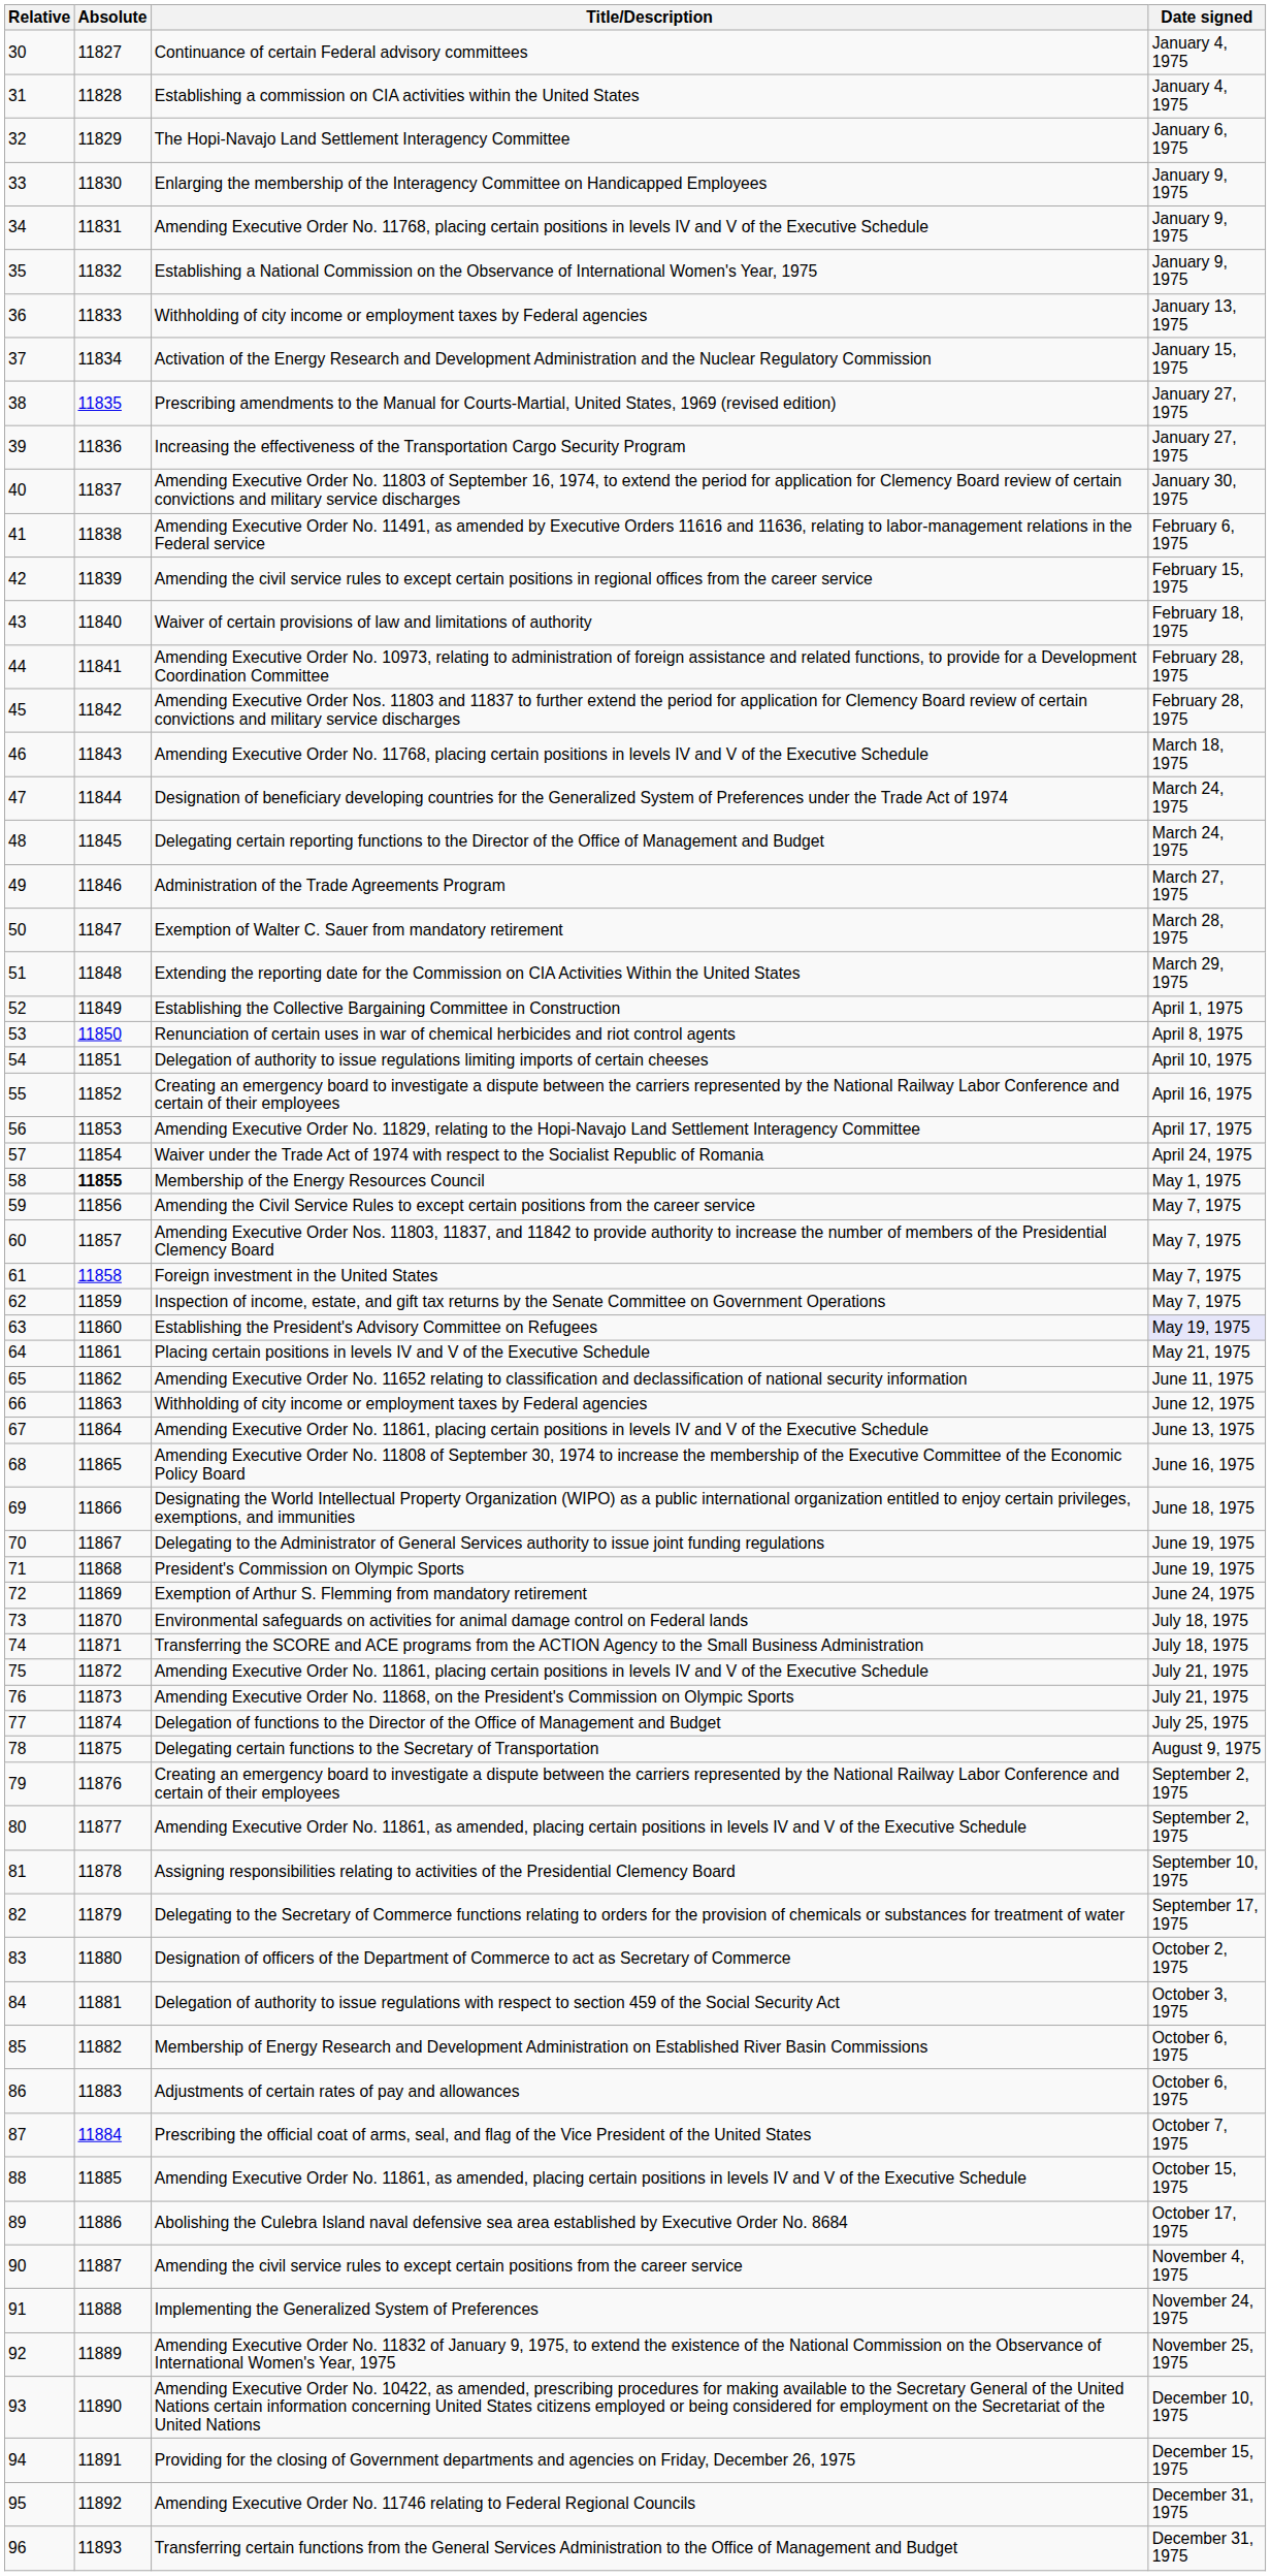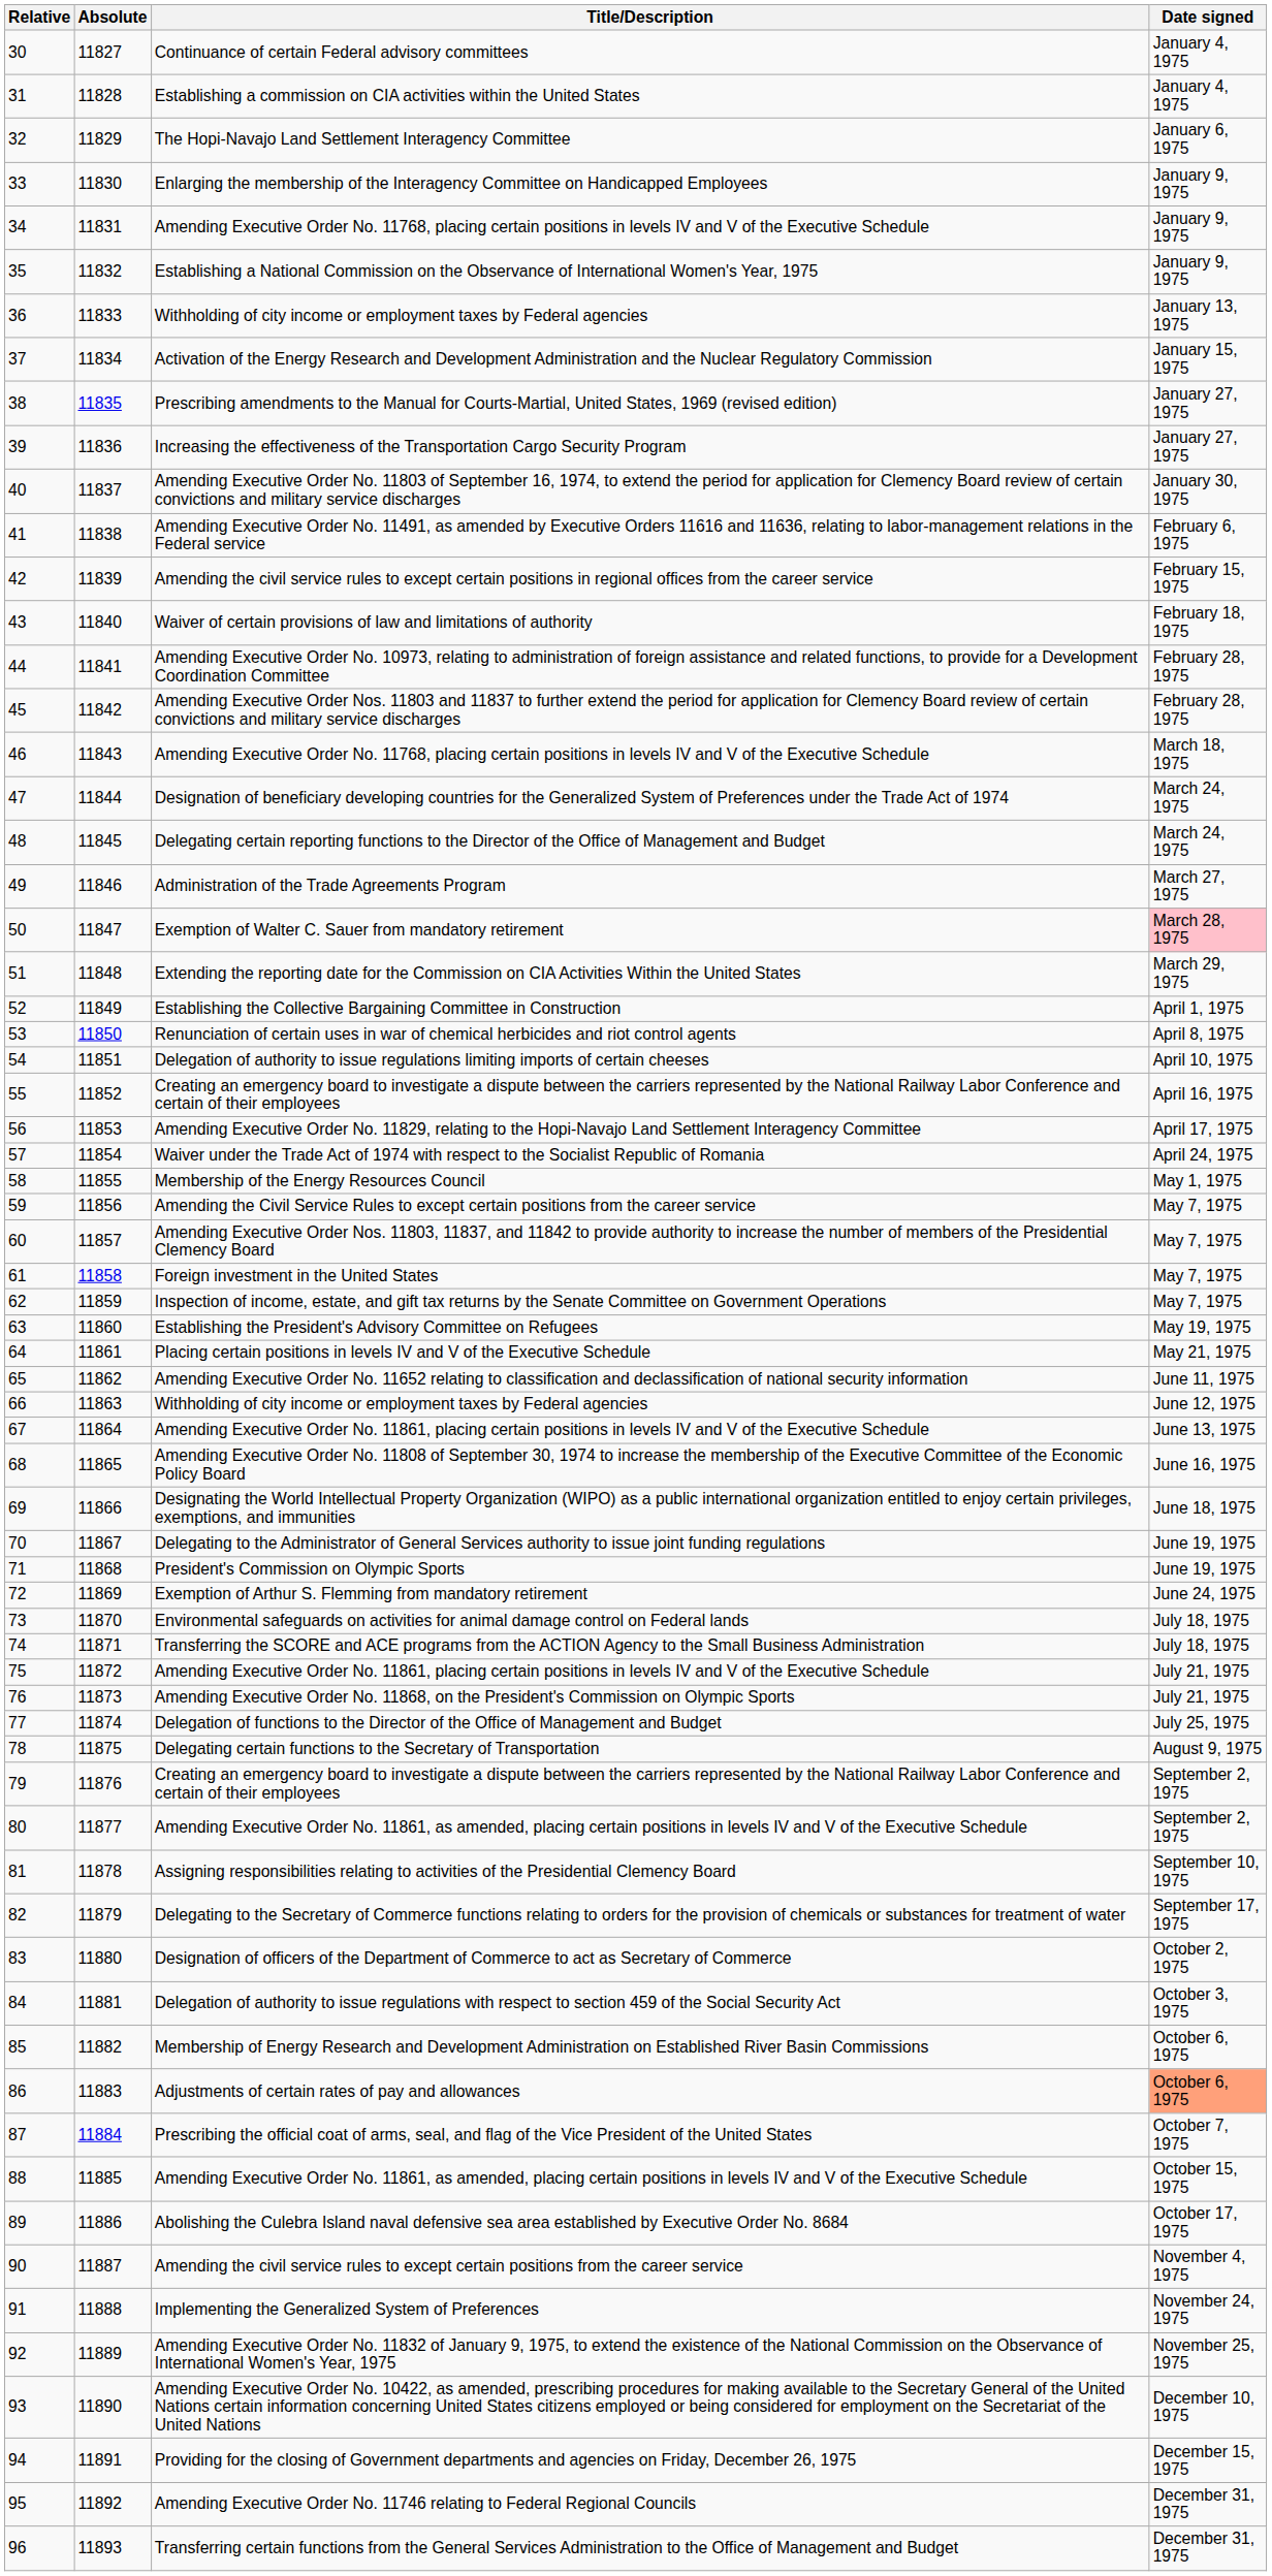 <table class="wikitable">
 <tr>
 <th>Relative </th>
 <th>Absolute </th>
 <th>Title/Description</th>
 <th>Date signed</th>
 </tr>
 <tr>
 <td>30</td>
 <td>11827</td>
 <td>Continuance of certain Federal advisory committees</td>
 <td>January 4, 1975</td>
 </tr>
 <tr>
 <td>31</td>
 <td>11828</td>
 <td>Establishing a commission on CIA activities within the United States</td>
 <td>January 4, 1975</td>
 </tr>
 <tr>
 <td>32</td>
 <td>11829</td>
 <td>The Hopi-Navajo Land Settlement Interagency Committee</td>
 <td>January 6, 1975</td>
 </tr>
 <tr>
 <td>33</td>
 <td>11830</td>
 <td>Enlarging the membership of the Interagency Committee on Handicapped Employees</td>
 <td>January 9, 1975</td>
 </tr>
 <tr>
 <td>34</td>
 <td>11831</td>
 <td>Amending Executive Order No. 11768, placing certain positions in levels IV and V of the Executive Schedule</td>
 <td>January 9, 1975</td>
 </tr>
 <tr>
 <td>35</td>
 <td>11832</td>
 <td>Establishing a National Commission on the Observance of International Women's Year, 1975</td>
 <td>January 9, 1975</td>
 </tr>
 <tr>
 <td>36</td>
 <td>11833</td>
 <td>Withholding of city income or employment taxes by Federal agencies</td>
 <td>January 13, 1975</td>
 </tr>
 <tr>
 <td>37</td>
 <td>11834</td>
 <td>Activation of the Energy Research and Development Administration and the Nuclear Regulatory Commission</td>
 <td>January 15, 1975</td>
 </tr>
 <tr>
 <td>38</td>
 <td><a href='#'>11835</a></td>
 <td>Prescribing amendments to the Manual for Courts-Martial, United States, 1969 (revised edition)</td>
 <td>January 27, 1975</td>
 </tr>
 <tr>
 <td>39</td>
 <td>11836</td>
 <td>Increasing the effectiveness of the Transportation Cargo Security Program</td>
 <td>January 27, 1975</td>
 </tr>
 <tr>
 <td>40</td>
 <td>11837</td>
 <td>Amending Executive Order No. 11803 of September 16, 1974, to extend the period for application for Clemency Board review of certain convictions and military service discharges</td>
 <td>January 30, 1975</td>
 </tr>
 <tr>
 <td>41</td>
 <td>11838</td>
 <td>Amending Executive Order No. 11491, as amended by Executive Orders 11616 and 11636, relating to labor-management relations in the Federal service</td>
 <td>February 6, 1975</td>
 </tr>
 <tr>
 <td>42</td>
 <td>11839</td>
 <td>Amending the civil service rules to except certain positions in regional offices from the career service</td>
 <td>February 15, 1975</td>
 </tr>
 <tr>
 <td>43</td>
 <td>11840</td>
 <td>Waiver of certain provisions of law and limitations of authority</td>
 <td>February 18, 1975</td>
 </tr>
 <tr>
 <td>44</td>
 <td>11841</td>
 <td>Amending Executive Order No. 10973, relating to administration of foreign assistance and related functions, to provide for a Development Coordination Committee</td>
 <td>February 28, 1975</td>
 </tr>
 <tr>
 <td>45</td>
 <td>11842</td>
 <td>Amending Executive Order Nos. 11803 and 11837 to further extend the period for application for Clemency Board review of certain convictions and military service discharges</td>
 <td>February 28, 1975</td>
 </tr>
 <tr>
 <td>46</td>
 <td>11843</td>
 <td>Amending Executive Order No. 11768, placing certain positions in levels IV and V of the Executive Schedule</td>
 <td>March 18, 1975</td>
 </tr>
 <tr>
 <td>47</td>
 <td>11844</td>
 <td>Designation of beneficiary developing countries for the Generalized System of Preferences under the Trade Act of 1974</td>
 <td>March 24, 1975</td>
 </tr>
 <tr>
 <td>48</td>
 <td>11845</td>
 <td>Delegating certain reporting functions to the Director of the Office of Management and Budget</td>
 <td>March 24, 1975</td>
 </tr>
 <tr>
 <td>49</td>
 <td>11846</td>
 <td>Administration of the Trade Agreements Program</td>
 <td>March 27, 1975</td>
 </tr>
 <tr>
 <td>50</td>
 <td>11847</td>
 <td>Exemption of Walter C. Sauer from mandatory retirement</td>
-<td>March 28, 1975</td>
+<td style="background: pink;">March 28, 1975</td>
 </tr>
 <tr>
 <td>51</td>
 <td>11848</td>
 <td>Extending the reporting date for the Commission on CIA Activities Within the United States</td>
 <td>March 29, 1975</td>
 </tr>
 <tr>
 <td>52</td>
 <td>11849</td>
 <td>Establishing the Collective Bargaining Committee in Construction</td>
 <td>April 1, 1975</td>
 </tr>
 <tr>
 <td>53</td>
 <td><a href='#'>11850</a></td>
 <td>Renunciation of certain uses in war of chemical herbicides and riot control agents</td>
 <td>April 8, 1975</td>
 </tr>
 <tr>
 <td>54</td>
 <td>11851</td>
 <td>Delegation of authority to issue regulations limiting imports of certain cheeses</td>
 <td>April 10, 1975</td>
 </tr>
 <tr>
 <td>55</td>
 <td>11852</td>
 <td>Creating an emergency board to investigate a dispute between the carriers represented by the National Railway Labor Conference and certain of their employees</td>
 <td>April 16, 1975</td>
 </tr>
 <tr>
 <td>56</td>
 <td>11853</td>
 <td>Amending Executive Order No. 11829, relating to the Hopi-Navajo Land Settlement Interagency Committee</td>
 <td>April 17, 1975</td>
 </tr>
 <tr>
 <td>57</td>
 <td>11854</td>
 <td>Waiver under the Trade Act of 1974 with respect to the Socialist Republic of Romania</td>
 <td>April 24, 1975</td>
 </tr>
 <tr>
 <td>58</td>
-<td><strong>11855</strong></td>
+<td>11855</td>
 <td>Membership of the Energy Resources Council</td>
 <td>May 1, 1975</td>
 </tr>
 <tr>
 <td>59</td>
 <td>11856</td>
 <td>Amending the Civil Service Rules to except certain positions from the career service</td>
 <td>May 7, 1975</td>
 </tr>
 <tr>
 <td>60</td>
 <td>11857</td>
 <td>Amending Executive Order Nos. 11803, 11837, and 11842 to provide authority to increase the number of members of the Presidential Clemency Board</td>
 <td>May 7, 1975</td>
 </tr>
 <tr>
 <td>61</td>
 <td><a href='#'>11858</a></td>
 <td>Foreign investment in the United States</td>
 <td>May 7, 1975</td>
 </tr>
 <tr>
 <td>62</td>
 <td>11859</td>
 <td>Inspection of income, estate, and gift tax returns by the Senate Committee on Government Operations</td>
 <td>May 7, 1975</td>
 </tr>
 <tr>
 <td>63</td>
 <td>11860</td>
 <td>Establishing the President's Advisory Committee on Refugees</td>
-<td style="background: lavender;">May 19, 1975</td>
+<td>May 19, 1975</td>
 </tr>
 <tr>
 <td>64</td>
 <td>11861</td>
 <td>Placing certain positions in levels IV and V of the Executive Schedule</td>
 <td>May 21, 1975</td>
 </tr>
 <tr>
 <td>65</td>
 <td>11862</td>
 <td>Amending Executive Order No. 11652 relating to classification and declassification of national security information</td>
 <td>June 11, 1975</td>
 </tr>
 <tr>
 <td>66</td>
 <td>11863</td>
 <td>Withholding of city income or employment taxes by Federal agencies</td>
 <td>June 12, 1975</td>
 </tr>
 <tr>
 <td>67</td>
 <td>11864</td>
 <td>Amending Executive Order No. 11861, placing certain positions in levels IV and V of the Executive Schedule</td>
 <td>June 13, 1975</td>
 </tr>
 <tr>
 <td>68</td>
 <td>11865</td>
 <td>Amending Executive Order No. 11808 of September 30, 1974 to increase the membership of the Executive Committee of the Economic Policy Board</td>
 <td>June 16, 1975</td>
 </tr>
 <tr>
 <td>69</td>
 <td>11866</td>
 <td>Designating the World Intellectual Property Organization (WIPO) as a public international organization entitled to enjoy certain privileges, exemptions, and immunities</td>
 <td>June 18, 1975</td>
 </tr>
 <tr>
 <td>70</td>
 <td>11867</td>
 <td>Delegating to the Administrator of General Services authority to issue joint funding regulations</td>
 <td>June 19, 1975</td>
 </tr>
 <tr>
 <td>71</td>
 <td>11868</td>
 <td>President's Commission on Olympic Sports</td>
 <td>June 19, 1975</td>
 </tr>
 <tr>
 <td>72</td>
 <td>11869</td>
 <td>Exemption of Arthur S. Flemming from mandatory retirement</td>
 <td>June 24, 1975</td>
 </tr>
 <tr>
 <td>73</td>
 <td>11870</td>
 <td>Environmental safeguards on activities for animal damage control on Federal lands</td>
 <td>July 18, 1975</td>
 </tr>
 <tr>
 <td>74</td>
 <td>11871</td>
 <td>Transferring the SCORE and ACE programs from the ACTION Agency to the Small Business Administration</td>
 <td>July 18, 1975</td>
 </tr>
 <tr>
 <td>75</td>
 <td>11872</td>
 <td>Amending Executive Order No. 11861, placing certain positions in levels IV and V of the Executive Schedule</td>
 <td>July 21, 1975</td>
 </tr>
 <tr>
 <td>76</td>
 <td>11873</td>
 <td>Amending Executive Order No. 11868, on the President's Commission on Olympic Sports</td>
 <td>July 21, 1975</td>
 </tr>
 <tr>
 <td>77</td>
 <td>11874</td>
 <td>Delegation of functions to the Director of the Office of Management and Budget</td>
 <td>July 25, 1975</td>
 </tr>
 <tr>
 <td>78</td>
 <td>11875</td>
 <td>Delegating certain functions to the Secretary of Transportation</td>
 <td>August 9, 1975</td>
 </tr>
 <tr>
 <td>79</td>
 <td>11876</td>
 <td>Creating an emergency board to investigate a dispute between the carriers represented by the National Railway Labor Conference and certain of their employees</td>
 <td>September 2, 1975</td>
 </tr>
 <tr>
 <td>80</td>
 <td>11877</td>
 <td>Amending Executive Order No. 11861, as amended, placing certain positions in levels IV and V of the Executive Schedule</td>
 <td>September 2, 1975</td>
 </tr>
 <tr>
 <td>81</td>
 <td>11878</td>
 <td>Assigning responsibilities relating to activities of the Presidential Clemency Board</td>
 <td>September 10, 1975</td>
 </tr>
 <tr>
 <td>82</td>
 <td>11879</td>
 <td>Delegating to the Secretary of Commerce functions relating to orders for the provision of chemicals or substances for treatment of water</td>
 <td>September 17, 1975</td>
 </tr>
 <tr>
 <td>83</td>
 <td>11880</td>
 <td>Designation of officers of the Department of Commerce to act as Secretary of Commerce</td>
 <td>October 2, 1975</td>
 </tr>
 <tr>
 <td>84</td>
 <td>11881</td>
 <td>Delegation of authority to issue regulations with respect to section 459 of the Social Security Act</td>
 <td>October 3, 1975</td>
 </tr>
 <tr>
 <td>85</td>
 <td>11882</td>
 <td>Membership of Energy Research and Development Administration on Established River Basin Commissions</td>
 <td>October 6, 1975</td>
 </tr>
 <tr>
 <td>86</td>
 <td>11883</td>
 <td>Adjustments of certain rates of pay and allowances</td>
-<td>October 6, 1975</td>
+<td style="background: lightsalmon;">October 6, 1975</td>
 </tr>
 <tr>
 <td>87</td>
 <td><a href='#'>11884</a></td>
 <td>Prescribing the official coat of arms, seal, and flag of the Vice President of the United States</td>
 <td>October 7, 1975</td>
 </tr>
 <tr>
 <td>88</td>
 <td>11885</td>
 <td>Amending Executive Order No. 11861, as amended, placing certain positions in levels IV and V of the Executive Schedule</td>
 <td>October 15, 1975</td>
 </tr>
 <tr>
 <td>89</td>
 <td>11886</td>
 <td>Abolishing the Culebra Island naval defensive sea area established by Executive Order No. 8684</td>
 <td>October 17, 1975</td>
 </tr>
 <tr>
 <td>90</td>
 <td>11887</td>
 <td>Amending the civil service rules to except certain positions from the career service</td>
 <td>November 4, 1975</td>
 </tr>
 <tr>
 <td>91</td>
 <td>11888</td>
 <td>Implementing the Generalized System of Preferences</td>
 <td>November 24, 1975</td>
 </tr>
 <tr>
 <td>92</td>
 <td>11889</td>
 <td>Amending Executive Order No. 11832 of January 9, 1975, to extend the existence of the National Commission on the Observance of International Women's Year, 1975</td>
 <td>November 25, 1975</td>
 </tr>
 <tr>
 <td>93</td>
 <td>11890</td>
 <td>Amending Executive Order No. 10422, as amended, prescribing procedures for making available to the Secretary General of the United Nations certain information concerning United States citizens employed or being considered for employment on the Secretariat of the United Nations</td>
 <td>December 10, 1975</td>
 </tr>
 <tr>
 <td>94</td>
 <td>11891</td>
 <td>Providing for the closing of Government departments and agencies on Friday, December 26, 1975</td>
 <td>December 15, 1975</td>
 </tr>
 <tr>
 <td>95</td>
 <td>11892</td>
 <td>Amending Executive Order No. 11746 relating to Federal Regional Councils</td>
 <td>December 31, 1975</td>
 </tr>
 <tr>
 <td>96</td>
 <td>11893</td>
 <td>Transferring certain functions from the General Services Administration to the Office of Management and Budget</td>
 <td>December 31, 1975</td>
 </tr>
 </table>
